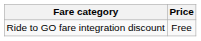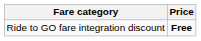 <table class="wikitable">
 <tr>
 <th>Fare category</th>
 <th>Price</th>
 </tr>
 <tr align="center">
 <td style="text-align: left;">Ride to GO fare integration discount</td>
-<td>Free</td>
+<td><strong>Free</strong></td>
 </tr>
 </table>
